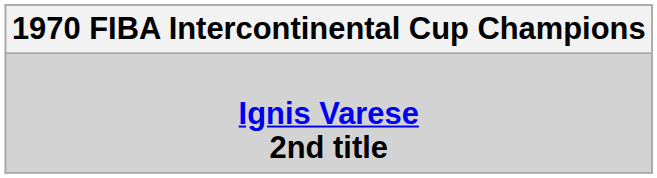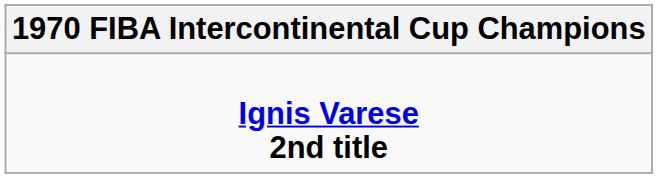 <table class=wikitable style="text-align:center; margin:auto">
 <tr>
 <th>1970 FIBA Intercontinental Cup Champions</th>
 </tr>
 <tr>
-<td style="background: lightgrey;"><br><strong><a href='#'>Ignis Varese</a></strong><br><strong>2nd title</strong></td>
+<td><br><strong><a href='#'>Ignis Varese</a></strong><br><strong>2nd title</strong></td>
 </tr>
 </table>
